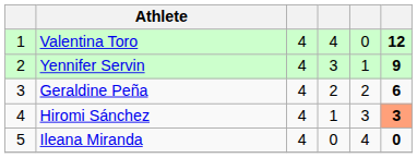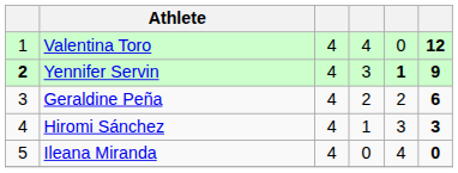 <table class="wikitable" style="text-align: center; font-size:100% ">
 <tr>
 <th width=25></th>
 <th width=250>Athlete</th>
 <th width=25></th>
 <th width=25></th>
 <th width=25></th>
 <th width=25></th>
 </tr>
 <tr bgcolor="ccffcc">
 <td>1</td>
 <td align=left> <a href='#'>Valentina Toro</a></td>
 <td>4</td>
 <td>4</td>
 <td>0</td>
 <td><strong>12</strong></td>
 </tr>
 <tr bgcolor="ccffcc">
-<td>2</td>
+<td><strong>2</strong></td>
 <td align=left> <a href='#'>Yennifer Servin</a></td>
 <td>4</td>
 <td>3</td>
-<td>1</td>
+<td><strong>1</strong></td>
 <td><strong>9</strong></td>
 </tr>
 <tr>
 <td>3</td>
 <td align=left> <a href='#'>Geraldine Peña</a></td>
 <td>4</td>
 <td>2</td>
 <td>2</td>
 <td><strong>6</strong></td>
 </tr>
 <tr>
 <td>4</td>
 <td align=left> <a href='#'>Hiromi Sánchez</a></td>
 <td>4</td>
 <td>1</td>
 <td>3</td>
-<td style="background: lightsalmon;"><strong>3</strong></td>
+<td><strong>3</strong></td>
 </tr>
 <tr>
 <td>5</td>
 <td align=left> <a href='#'>Ileana Miranda</a></td>
 <td>4</td>
 <td>0</td>
 <td>4</td>
 <td><strong>0</strong></td>
 </tr>
 <tr>
 </tr>
 </table>
